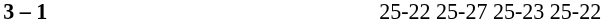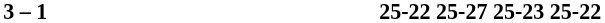 <table width=100% cellspacing=1>
 <tr>
 <th width=20%></th>
 <th width=12%></th>
 <th width=20%></th>
 <th width=33%></th>
 <td></td>
 </tr>
 <tr style=font-size:90%>
 <td align=right><strong></strong></td>
 <td align=center><strong>3 – 1</strong></td>
 <td></td>
-<td>25-22 25-27 25-23 25-22</td>
+<td><strong>25-22 25-27 25-23 25-22</strong></td>
 </tr>
 </table>
